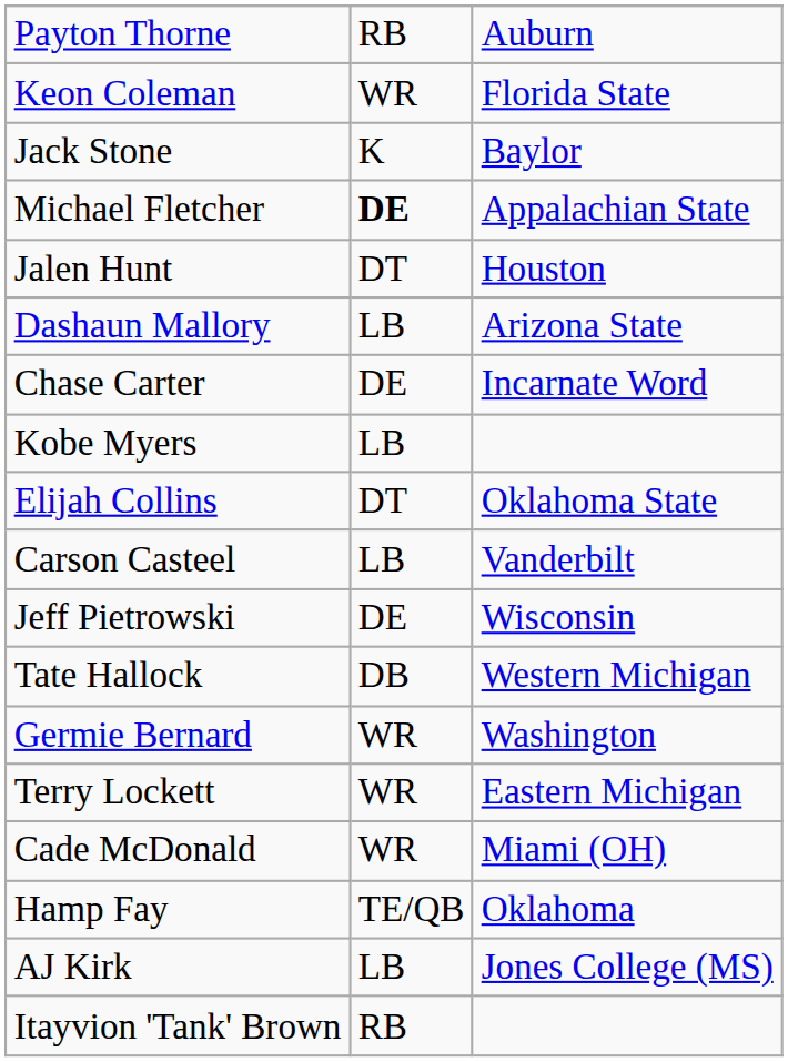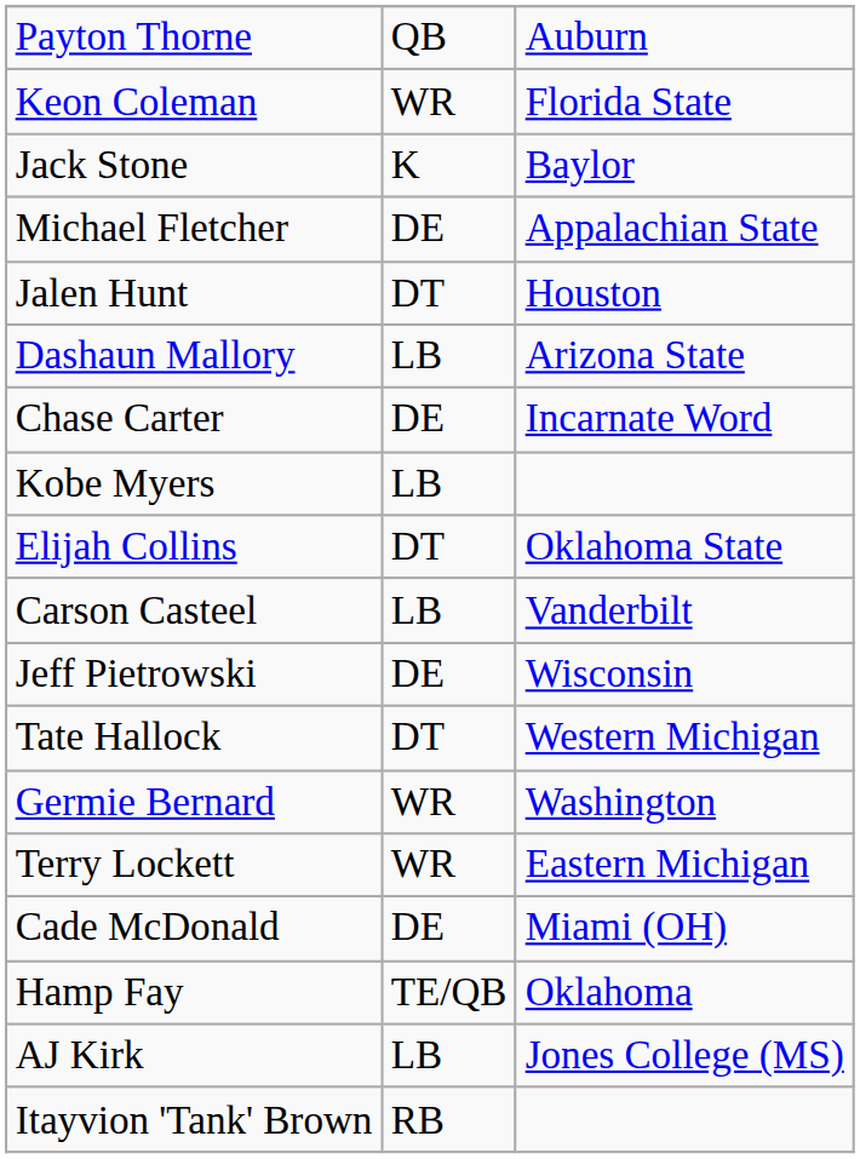 <table class="wikitable" style="display: inline-table;">
 <tr align="center">
 </tr>
 <tr>
 <td><a href='#'>Payton Thorne</a></td>
-<td>RB</td>
+<td>QB</td>
 <td><a href='#'>Auburn</a></td>
 </tr>
 <tr>
 <td><a href='#'>Keon Coleman</a></td>
 <td>WR</td>
 <td><a href='#'>Florida State</a></td>
 </tr>
 <tr>
 <td>Jack Stone</td>
 <td>K</td>
 <td><a href='#'>Baylor</a></td>
 </tr>
 <tr>
 <td>Michael Fletcher</td>
-<td><strong>DE</strong></td>
+<td>DE</td>
 <td><a href='#'>Appalachian State</a></td>
 </tr>
 <tr>
 <td>Jalen Hunt</td>
 <td>DT</td>
 <td><a href='#'>Houston</a></td>
 </tr>
 <tr>
 <td><a href='#'>Dashaun Mallory</a></td>
 <td>LB</td>
 <td><a href='#'>Arizona State</a></td>
 </tr>
 <tr>
 <td>Chase Carter</td>
 <td>DE</td>
 <td><a href='#'>Incarnate Word</a></td>
 </tr>
 <tr>
 <td>Kobe Myers</td>
 <td>LB</td>
 <td></td>
 </tr>
 <tr>
 <td><a href='#'>Elijah Collins</a></td>
 <td>DT</td>
 <td><a href='#'>Oklahoma State</a></td>
 </tr>
 <tr>
 <td>Carson Casteel</td>
 <td>LB</td>
 <td><a href='#'>Vanderbilt</a></td>
 </tr>
 <tr>
 <td>Jeff Pietrowski</td>
 <td>DE</td>
 <td><a href='#'>Wisconsin</a></td>
 </tr>
 <tr>
 <td>Tate Hallock</td>
-<td>DB</td>
+<td>DT</td>
 <td><a href='#'>Western Michigan</a></td>
 </tr>
 <tr>
 <td><a href='#'>Germie Bernard</a></td>
 <td>WR</td>
 <td><a href='#'>Washington</a></td>
 </tr>
 <tr>
 <td>Terry Lockett</td>
 <td>WR</td>
 <td><a href='#'>Eastern Michigan</a></td>
 </tr>
 <tr>
 <td>Cade McDonald</td>
-<td>WR</td>
+<td>DE</td>
 <td><a href='#'>Miami (OH)</a></td>
 </tr>
 <tr>
 <td>Hamp Fay</td>
 <td>TE/QB</td>
 <td><a href='#'>Oklahoma</a></td>
 </tr>
 <tr>
 <td>AJ Kirk</td>
 <td>LB</td>
 <td><a href='#'>Jones College (MS)</a></td>
 </tr>
 <tr>
 <td>Itayvion 'Tank' Brown</td>
 <td>RB</td>
 <td></td>
 </tr>
 </table>
